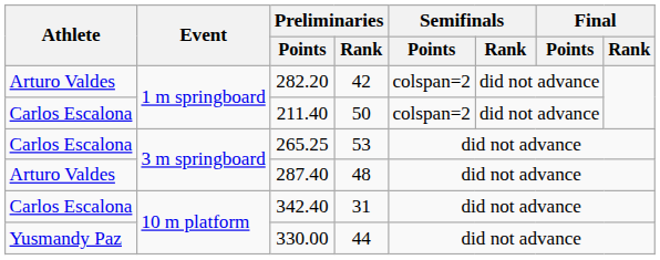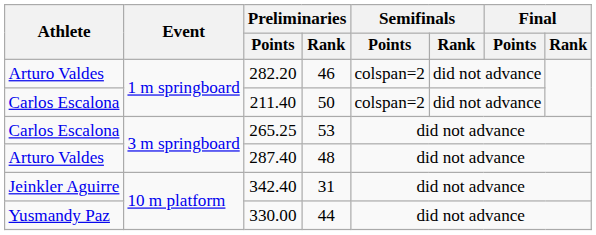 <table class=wikitable style="font-size:90%;">
 <tr>
 <th rowspan="2">Athlete</th>
 <th rowspan="2">Event</th>
 <th colspan="2">Preliminaries</th>
 <th colspan="2">Semifinals</th>
 <th colspan="2">Final</th>
 </tr>
 <tr style="font-size:95%">
 <th>Points</th>
 <th>Rank</th>
 <th>Points</th>
 <th>Rank</th>
 <th>Points</th>
 <th>Rank</th>
 </tr>
 <tr align=center>
 <td align=left><a href='#'>Arturo Valdes</a></td>
 <td align=left rowspan=2><a href='#'>1 m springboard</a></td>
 <td>282.20</td>
-<td>42</td>
+<td>46</td>
 <td>colspan=2 </td>
 <td colspan=2>did not advance</td>
 </tr>
 <tr align=center>
 <td align=left><a href='#'>Carlos Escalona</a></td>
 <td>211.40</td>
 <td>50</td>
 <td>colspan=2 </td>
 <td colspan=2>did not advance</td>
 </tr>
 <tr align=center>
 <td align=left><a href='#'>Carlos Escalona</a></td>
 <td align=left rowspan=2><a href='#'>3 m springboard</a></td>
 <td>265.25</td>
 <td>53</td>
 <td colspan=4>did not advance</td>
 </tr>
 <tr align=center>
 <td align=left><a href='#'>Arturo Valdes</a></td>
 <td>287.40</td>
 <td>48</td>
 <td colspan=4>did not advance</td>
 </tr>
 <tr align=center>
-<td align=left><a href='#'>Carlos Escalona</a></td>
+<td align=left><a href='#'>Jeinkler Aguirre</a></td>
 <td align=left rowspan=2><a href='#'>10 m platform</a></td>
 <td>342.40</td>
 <td>31</td>
 <td colspan=4>did not advance</td>
 </tr>
 <tr align=center>
 <td align=left><a href='#'>Yusmandy Paz</a></td>
 <td>330.00</td>
 <td>44</td>
 <td colspan=4>did not advance</td>
 </tr>
 </table>
